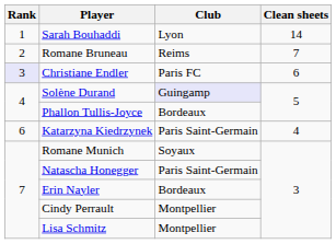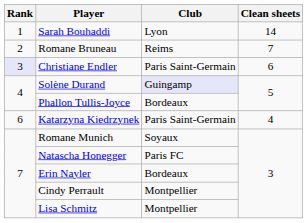 <table class="wikitable" style="text-align:center">
 <tr>
 <th>Rank</th>
 <th>Player</th>
 <th>Club</th>
 <th>Clean sheets</th>
 </tr>
 <tr>
 <td>1</td>
 <td align="left"> <a href='#'>Sarah Bouhaddi</a></td>
 <td align="left">Lyon</td>
 <td>14</td>
 </tr>
 <tr>
 <td>2</td>
 <td align="left"> Romane Bruneau</td>
 <td align="left">Reims</td>
 <td>7</td>
 </tr>
 <tr>
 <td style="background: lavender;">3</td>
 <td align="left"> <a href='#'>Christiane Endler</a></td>
-<td align="left">Paris FC</td>
+<td align="left">Paris Saint-Germain</td>
 <td>6</td>
 </tr>
 <tr>
 <td rowspan=2>4</td>
 <td align="left"> <a href='#'>Solène Durand</a></td>
 <td align="left" style="background: lavender;">Guingamp</td>
 <td rowspan=2>5</td>
 </tr>
 <tr>
 <td align="left"> <a href='#'>Phallon Tullis-Joyce</a></td>
 <td align="left">Bordeaux</td>
 </tr>
 <tr>
 <td>6</td>
 <td align="left"> <a href='#'>Katarzyna Kiedrzynek</a></td>
 <td align="left">Paris Saint-Germain</td>
 <td>4</td>
 </tr>
 <tr>
 <td rowspan=5>7</td>
 <td align="left"> Romane Munich</td>
 <td align="left">Soyaux</td>
 <td rowspan=5>3</td>
 </tr>
 <tr>
 <td align="left"> <a href='#'>Natascha Honegger</a></td>
-<td align="left">Paris Saint-Germain</td>
+<td align="left">Paris FC</td>
 </tr>
 <tr>
 <td align="left"> <a href='#'>Erin Nayler</a></td>
 <td align="left">Bordeaux</td>
 </tr>
 <tr>
 <td align="left"> Cindy Perrault</td>
 <td align="left">Montpellier</td>
 </tr>
 <tr>
 <td align="left"> <a href='#'>Lisa Schmitz</a></td>
 <td align="left">Montpellier</td>
 </tr>
 </table>
